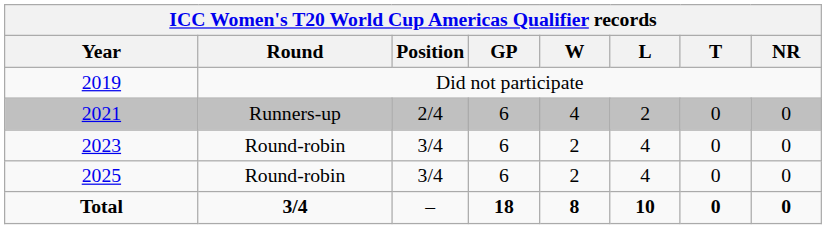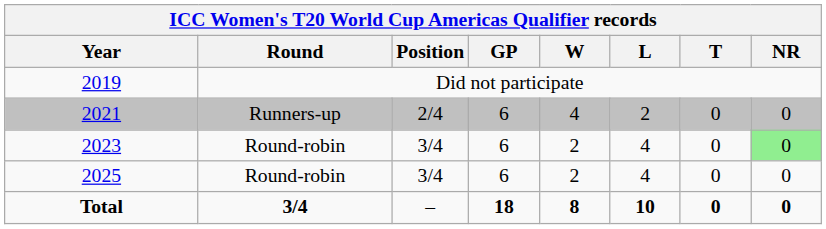 <table class="wikitable" style="text-align: center; width=900px;">
 <tr>
 <th colspan=9><a href='#'>ICC Women's T20 World Cup Americas Qualifier</a> records</th>
 </tr>
 <tr>
 <th width=150>Year</th>
 <th width=150>Round</th>
 <th width=50>Position</th>
 <th width=50>GP</th>
 <th width=50>W</th>
 <th width=50>L</th>
 <th width=50>T</th>
 <th width=50>NR</th>
 </tr>
 <tr>
 <td> <a href='#'>2019</a></td>
 <td colspan=8>Did not participate</td>
 </tr>
 <tr bgcolor=silver>
 <td> <a href='#'>2021</a></td>
 <td>Runners-up</td>
 <td>2/4</td>
 <td>6</td>
 <td>4</td>
 <td>2</td>
 <td>0</td>
 <td>0</td>
 </tr>
 <tr>
 <td> <a href='#'>2023</a></td>
 <td>Round-robin</td>
 <td>3/4</td>
 <td>6</td>
 <td>2</td>
 <td>4</td>
 <td>0</td>
-<td>0</td>
+<td style="background: lightgreen;">0</td>
 </tr>
 <tr>
 <td> <a href='#'>2025</a></td>
 <td>Round-robin</td>
 <td>3/4</td>
 <td>6</td>
 <td>2</td>
 <td>4</td>
 <td>0</td>
 <td>0</td>
 </tr>
 <tr>
 <td><strong>Total</strong></td>
 <td><strong>3/4</strong></td>
 <td>–</td>
 <td><strong>18</strong></td>
 <td><strong>8</strong></td>
 <td><strong>10</strong></td>
 <td><strong>0</strong></td>
 <td><strong>0</strong></td>
 </tr>
 </table>
